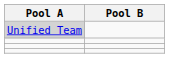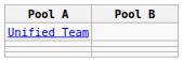 <table class="wikitable">
 <tr>
 <th width=50%>Pool A</th>
 <th width=50%>Pool B</th>
 </tr>
 <tr>
-<td style="background: lightgrey;"> <a href='#'>Unified Team</a></td>
+<td> <a href='#'>Unified Team</a></td>
 <td></td>
 </tr>
 <tr>
 <td></td>
 <td></td>
 </tr>
 <tr>
 <td></td>
 <td></td>
 </tr>
 <tr>
 <td></td>
 <td></td>
 </tr>
 </table>
